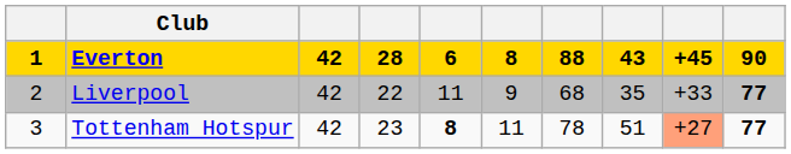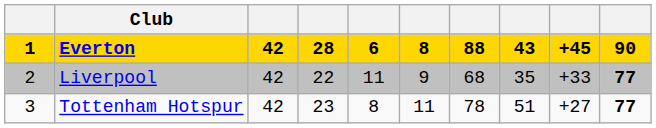 <table class="wikitable" style="text-align:center">
 <tr>
 <th width=30></th>
 <th>Club</th>
 <th width=30></th>
 <th width=30></th>
 <th width=30></th>
 <th width=30></th>
 <th width=30></th>
 <th width=30></th>
 <th width=30></th>
 <th width=30></th>
 </tr>
 <tr bgcolor="gold">
 <td><strong>1</strong></td>
 <td align=left><strong><a href='#'>Everton</a></strong></td>
 <td><strong>42</strong></td>
 <td><strong>28</strong></td>
 <td><strong>6</strong></td>
 <td><strong>8</strong></td>
 <td><strong>88</strong></td>
 <td><strong>43</strong></td>
 <td><strong>+45</strong></td>
 <td><strong>90</strong></td>
 </tr>
 <tr bgcolor="silver">
 <td>2</td>
 <td align=left><a href='#'>Liverpool</a></td>
 <td>42</td>
 <td>22</td>
 <td>11</td>
 <td>9</td>
 <td>68</td>
 <td>35</td>
 <td>+33</td>
 <td><strong>77</strong></td>
 </tr>
 <tr>
 <td>3</td>
 <td align=left><a href='#'>Tottenham Hotspur</a></td>
 <td>42</td>
 <td>23</td>
-<td><strong>8</strong></td>
+<td>8</td>
 <td>11</td>
 <td>78</td>
 <td>51</td>
-<td style="background: lightsalmon;">+27</td>
+<td>+27</td>
 <td><strong>77</strong></td>
 </tr>
 </table>
